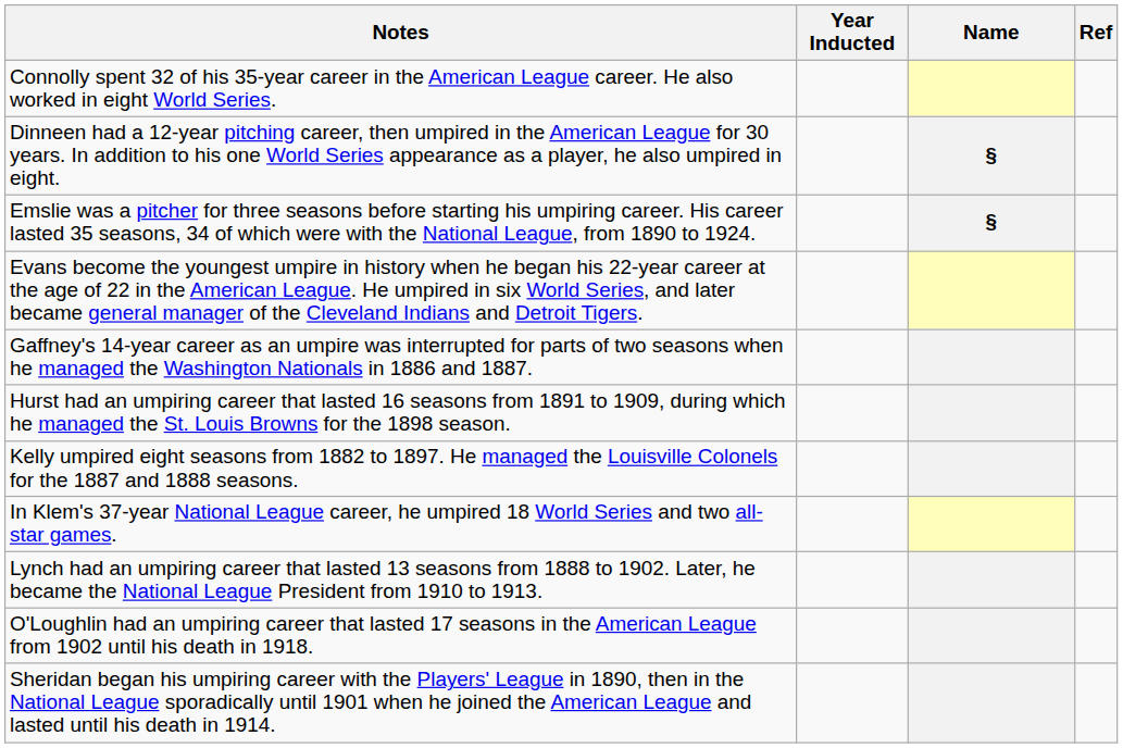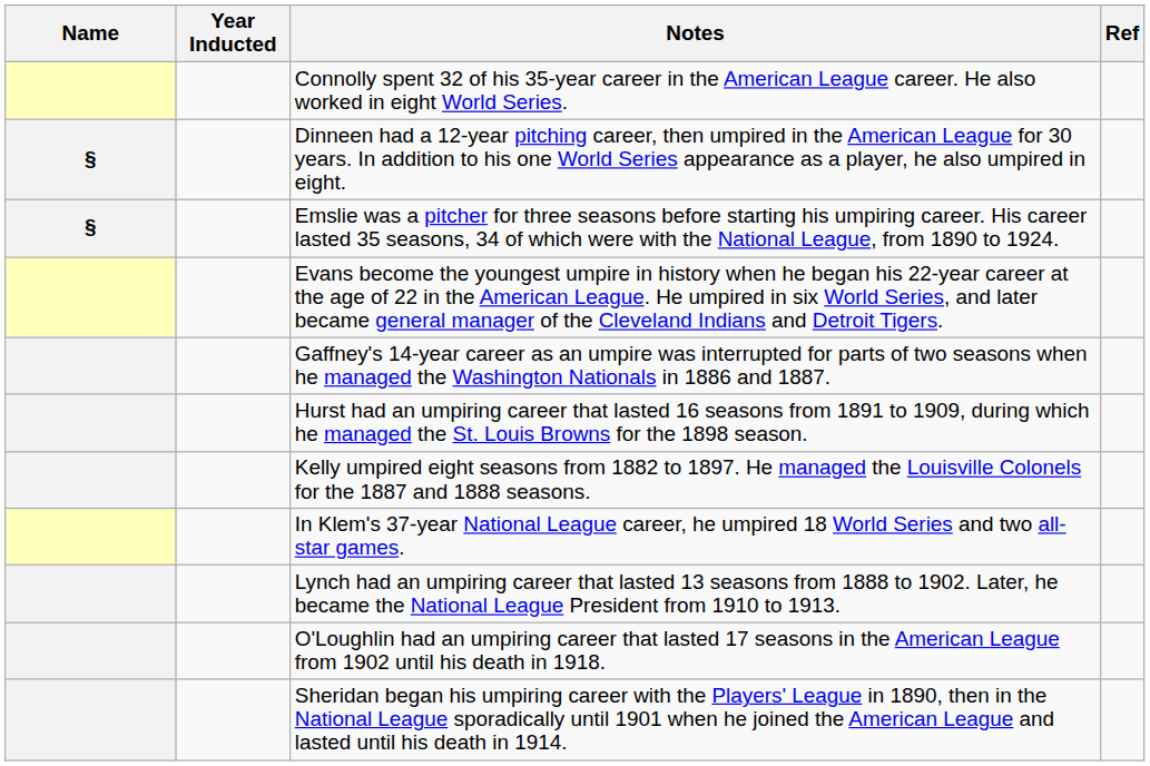 <table class="wikitable sortable plainrowheaders">
 <tr>
+<th scope="col" width=15%>Name</th>
+<th scope="col">Year Inducted</th>
 <th scope="col" class="unsortable">Notes</th>
-<th scope="col">Year Inducted</th>
-<th scope="col" width=15%>Name</th>
 <th scope="col" class="unsortable">Ref</th>
 </tr>
 <tr>
+<th scope="row" style="text-align:center; background-color: #ffffbb"><sup></sup></th>
+<td align=center></td>
 <td>Connolly spent 32 of his 35-year career in the <a href='#'>American League</a> career. He also worked in eight <a href='#'>World Series</a>.</td>
-<td align=center></td>
-<th scope="row" style="text-align:center; background-color: #ffffbb"><sup></sup></th>
 <td align=center></td>
 </tr>
 <tr>
+<th scope="row" style="text-align:center">§</th>
+<td align=center></td>
 <td>Dinneen had a 12-year <a href='#'>pitching</a> career, then umpired in the <a href='#'>American League</a> for 30 years. In addition to his one <a href='#'>World Series</a> appearance as a player, he also umpired in eight.</td>
-<td align=center></td>
-<th scope="row" style="text-align:center">§</th>
 <td align=center></td>
 </tr>
 <tr>
+<th scope="row" style="text-align:center">§</th>
+<td align=center></td>
 <td>Emslie was a <a href='#'>pitcher</a> for three seasons before starting his umpiring career. His career lasted 35 seasons, 34 of which were with the <a href='#'>National League</a>, from 1890 to 1924.</td>
-<td align=center></td>
-<th scope="row" style="text-align:center">§</th>
 <td align=center></td>
 </tr>
 <tr>
+<th scope="row" style="text-align:center; background-color: #ffffbb"><sup></sup></th>
+<td align=center></td>
 <td>Evans become the youngest umpire in history when he began his 22-year career at the age of 22 in the <a href='#'>American League</a>. He umpired in six <a href='#'>World Series</a>, and later became <a href='#'>general manager</a> of the <a href='#'>Cleveland Indians</a> and <a href='#'>Detroit Tigers</a>.</td>
-<td align=center></td>
-<th scope="row" style="text-align:center; background-color: #ffffbb"><sup></sup></th>
 <td align=center></td>
 </tr>
 <tr>
+<th scope="row" style="text-align:center"></th>
+<td align=center></td>
 <td>Gaffney's 14-year career as an umpire was interrupted for parts of two seasons when he <a href='#'>managed</a> the <a href='#'>Washington Nationals</a> in 1886 and 1887.</td>
-<td align=center></td>
-<th scope="row" style="text-align:center"></th>
 <td align=center></td>
 </tr>
 <tr>
+<th scope="row" style="text-align:center"></th>
+<td align=center></td>
 <td>Hurst had an umpiring career that lasted 16 seasons from 1891 to 1909, during which he <a href='#'>managed</a> the <a href='#'>St. Louis Browns</a> for the 1898 season.</td>
-<td align=center></td>
-<th scope="row" style="text-align:center"></th>
 <td align=center></td>
 </tr>
 <tr>
+<th scope="row" style="text-align:center"></th>
+<td align=center></td>
 <td>Kelly umpired eight seasons from 1882 to 1897. He <a href='#'>managed</a> the <a href='#'>Louisville Colonels</a> for the 1887 and 1888 seasons.</td>
-<td align=center></td>
-<th scope="row" style="text-align:center"></th>
 <td align=center></td>
 </tr>
 <tr>
+<th scope="row" style="text-align:center; background-color: #ffffbb"><sup></sup></th>
+<td align=center></td>
 <td>In Klem's 37-year <a href='#'>National League</a> career, he umpired 18 <a href='#'>World Series</a> and two <a href='#'>all-star games</a>.</td>
-<td align=center></td>
-<th scope="row" style="text-align:center; background-color: #ffffbb"><sup></sup></th>
 <td align=center></td>
 </tr>
 <tr>
+<th scope="row" style="text-align:center"></th>
+<td align=center></td>
 <td>Lynch had an umpiring career that lasted 13 seasons from 1888 to 1902. Later, he became the <a href='#'>National League</a> President from 1910 to 1913.</td>
-<td align=center></td>
-<th scope="row" style="text-align:center"></th>
 <td align=center></td>
 </tr>
 <tr>
+<th scope="row" style="text-align:center"></th>
+<td align=center></td>
 <td>O'Loughlin had an umpiring career that lasted 17 seasons in the <a href='#'>American League</a> from 1902 until his death in 1918.</td>
-<td align=center></td>
-<th scope="row" style="text-align:center"></th>
 <td align=center></td>
 </tr>
 <tr>
+<th scope="row" style="text-align:center"></th>
+<td align=center></td>
 <td>Sheridan began his umpiring career with the <a href='#'>Players' League</a> in 1890, then in the <a href='#'>National League</a> sporadically until 1901 when he joined the <a href='#'>American League</a> and lasted until his death in 1914.</td>
-<td align=center></td>
-<th scope="row" style="text-align:center"></th>
 <td align=center></td>
 </tr>
 </table>
